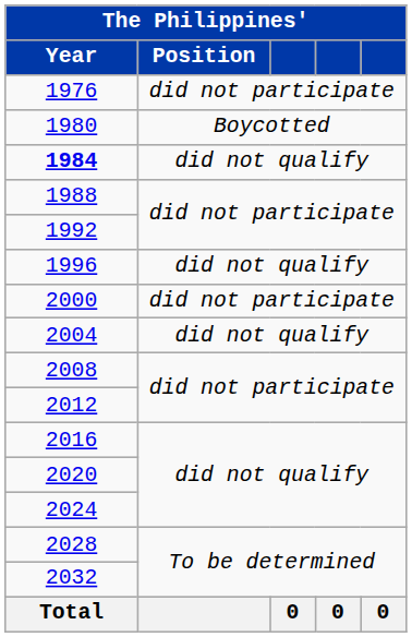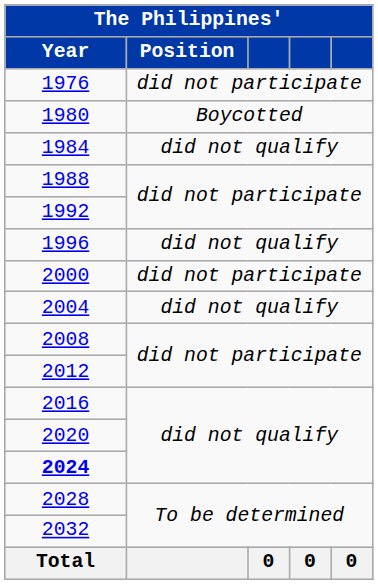 <table class="wikitable collapsible autocollapse" style="text-align: center; font-size:95%;">
 <tr>
 <th colspan="10" style="background:#0038A8; color: #FFFFFF;">The Philippines' </th>
 </tr>
 <tr>
 <th style="background:#0038A8; color: #FFFFFF;"width="70">Year</th>
 <th style="background:#0038A8; color: #FFFFFF;"width="70">Position</th>
 <th style="background:#0038A8; color: #FFFFFF;"width="20"></th>
 <th style="background:#0038A8; color: #FFFFFF;"width="20"></th>
 <th style="background:#0038A8; color: #FFFFFF;"width="20"></th>
 </tr>
 <tr>
 <td> <a href='#'>1976</a></td>
 <td colspan=4><em>did not participate</em></td>
 </tr>
 <tr>
 <td> <a href='#'>1980</a></td>
 <td colspan=4><em>Boycotted</em></td>
 </tr>
 <tr>
-<td><strong> <a href='#'>1984</a></strong></td>
+<td> <a href='#'>1984</a></td>
 <td colspan=4><em>did not qualify</em></td>
 </tr>
 <tr>
 <td> <a href='#'>1988</a></td>
 <td rowspan=2 colspan=4><em>did not participate</em></td>
 </tr>
 <tr>
 <td> <a href='#'>1992</a></td>
 </tr>
 <tr>
 <td> <a href='#'>1996</a></td>
 <td colspan=4><em>did not qualify</em></td>
 </tr>
 <tr>
 <td> <a href='#'>2000</a></td>
 <td colspan=4><em>did not participate</em></td>
 </tr>
 <tr>
 <td> <a href='#'>2004</a></td>
 <td colspan=4><em>did not qualify</em></td>
 </tr>
 <tr>
 <td> <a href='#'>2008</a></td>
 <td rowspan=2 colspan=4><em>did not participate</em></td>
 </tr>
 <tr>
 <td> <a href='#'>2012</a></td>
 </tr>
 <tr>
 <td> <a href='#'>2016</a></td>
 <td rowspan=3 colspan=4><em>did not qualify</em></td>
 </tr>
 <tr>
 <td> <a href='#'>2020</a></td>
 </tr>
 <tr>
-<td> <a href='#'>2024</a></td>
+<td><strong> <a href='#'>2024</a></strong></td>
 </tr>
 <tr>
 <td> <a href='#'>2028</a></td>
 <td rowspan=2 colspan=4><em>To be determined</em></td>
 </tr>
 <tr>
 <td> <a href='#'>2032</a></td>
 </tr>
 <tr>
 <th>Total</th>
 <th></th>
 <th>0</th>
 <th>0</th>
 <th>0</th>
 </tr>
 </table>
